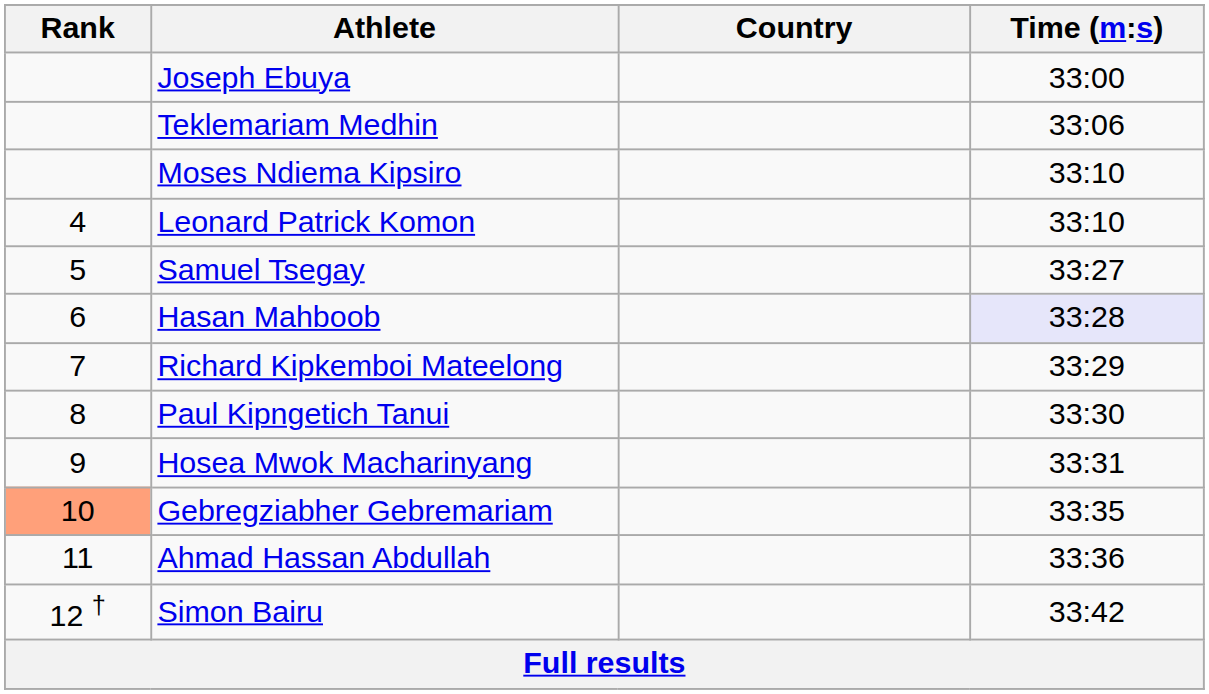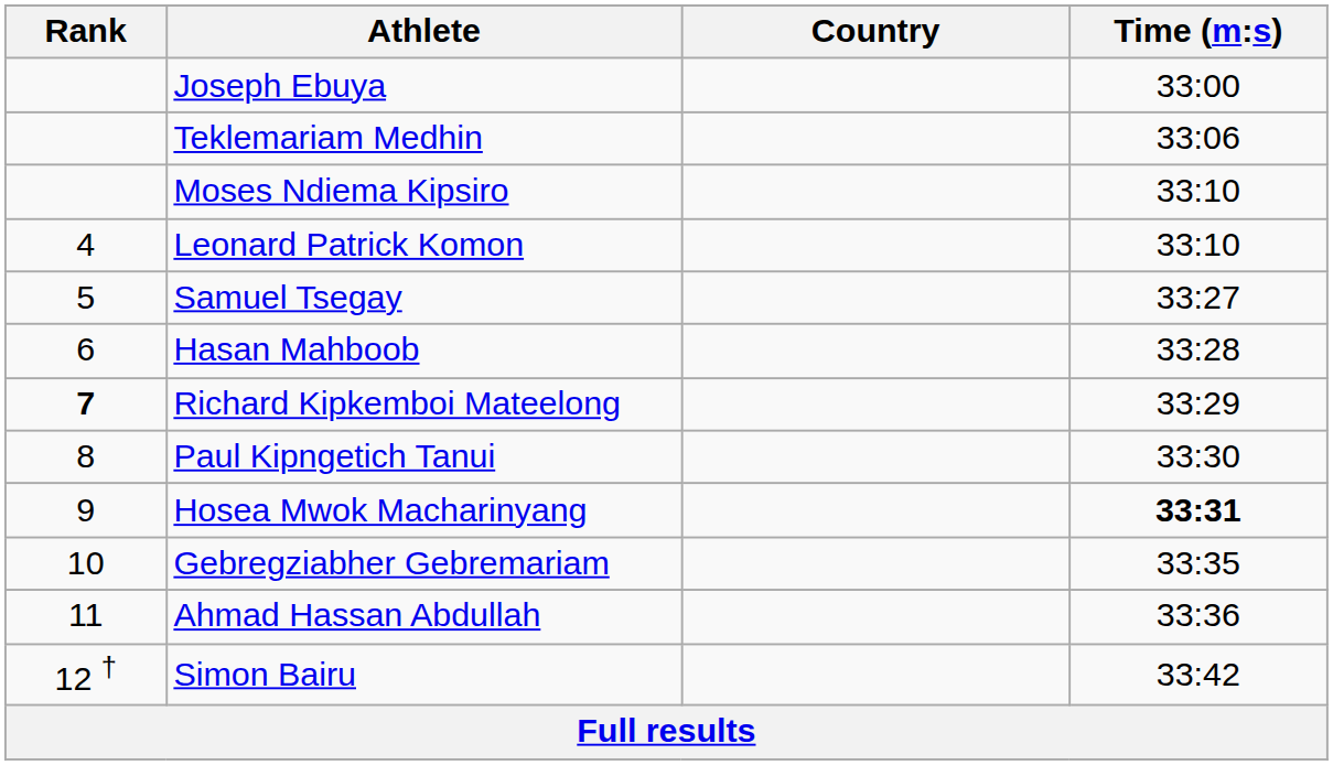 <table class="wikitable" width=50%>
 <tr>
 </tr>
 <tr>
 <th width=5%>Rank</th>
 <th width=20%>Athlete</th>
 <th width=15%>Country</th>
 <th width=10%>Time (<a href='#'>m</a>:<a href='#'>s</a>)</th>
 </tr>
 <tr align="center">
 <td></td>
 <td align="left"><a href='#'>Joseph Ebuya</a></td>
 <td align="left"></td>
 <td>33:00</td>
 </tr>
 <tr align="center">
 <td></td>
 <td align="left"><a href='#'>Teklemariam Medhin</a></td>
 <td align="left"></td>
 <td>33:06</td>
 </tr>
 <tr align="center">
 <td></td>
 <td align="left"><a href='#'>Moses Ndiema Kipsiro</a></td>
 <td align="left"></td>
 <td>33:10</td>
 </tr>
 <tr align="center">
 <td>4</td>
 <td align="left"><a href='#'>Leonard Patrick Komon</a></td>
 <td align="left"></td>
 <td>33:10</td>
 </tr>
 <tr align="center">
 <td>5</td>
 <td align="left"><a href='#'>Samuel Tsegay</a></td>
 <td align="left"></td>
 <td>33:27</td>
 </tr>
 <tr align="center">
 <td>6</td>
 <td align="left"><a href='#'>Hasan Mahboob</a></td>
 <td align="left"></td>
-<td style="background: lavender;">33:28</td>
+<td>33:28</td>
 </tr>
 <tr align="center">
-<td>7</td>
+<td><strong>7</strong></td>
 <td align="left"><a href='#'>Richard Kipkemboi Mateelong</a></td>
 <td align="left"></td>
 <td>33:29</td>
 </tr>
 <tr align="center">
 <td>8</td>
 <td align="left"><a href='#'>Paul Kipngetich Tanui</a></td>
 <td align="left"></td>
 <td>33:30</td>
 </tr>
 <tr align="center">
 <td>9</td>
 <td align="left"><a href='#'>Hosea Mwok Macharinyang</a></td>
 <td align="left"></td>
-<td>33:31</td>
+<td><strong>33:31</strong></td>
 </tr>
 <tr align="center">
-<td style="background: lightsalmon;">10</td>
+<td>10</td>
 <td align="left"><a href='#'>Gebregziabher Gebremariam</a></td>
 <td align="left"></td>
 <td>33:35</td>
 </tr>
 <tr align="center">
 <td>11</td>
 <td align="left"><a href='#'>Ahmad Hassan Abdullah</a></td>
 <td align="left"></td>
 <td>33:36</td>
 </tr>
 <tr align="center">
 <td>12 <sup>†</sup></td>
 <td align="left"><a href='#'>Simon Bairu</a></td>
 <td align="left"></td>
 <td>33:42</td>
 </tr>
 <tr class="sortbottom">
 <th colspan=4 align=center><a href='#'>Full results</a></th>
 </tr>
 </table>
